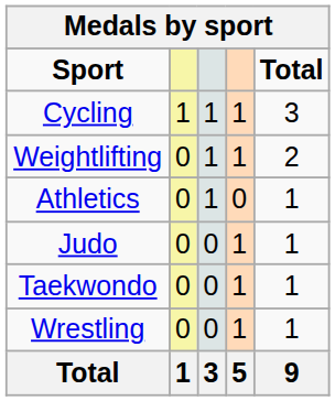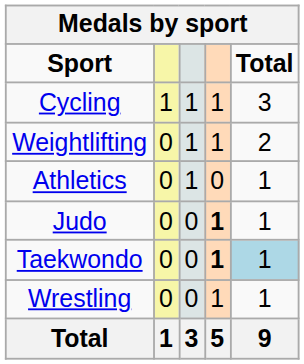 <table class="wikitable" style="font-size:85%; float:right">
 <tr bgcolor=#efefef>
 <th colspan=7>Medals by sport</th>
 </tr>
 <tr align=center>
 <td><strong>Sport</strong></td>
 <td bgcolor=#f7f6a8></td>
 <td bgcolor=#dce5e5></td>
 <td bgcolor=#ffdab9></td>
 <td><strong>Total</strong></td>
 </tr>
 <tr align=center>
 <td><a href='#'>Cycling</a></td>
 <td bgcolor=#f7f6a8>1</td>
 <td bgcolor=#dce5e5>1</td>
 <td bgcolor=#ffdab9>1</td>
 <td>3</td>
 </tr>
 <tr align=center>
 <td><a href='#'>Weightlifting</a></td>
 <td bgcolor=#f7f6a8>0</td>
 <td bgcolor=#dce5e5>1</td>
 <td bgcolor=#ffdab9>1</td>
 <td>2</td>
 </tr>
 <tr align=center>
 <td><a href='#'>Athletics</a></td>
 <td bgcolor=#f7f6a8>0</td>
 <td bgcolor=#dce5e5>1</td>
 <td bgcolor=#ffdab9>0</td>
 <td>1</td>
 </tr>
 <tr align=center>
 <td><a href='#'>Judo</a></td>
 <td bgcolor=#f7f6a8>0</td>
 <td bgcolor=#dce5e5>0</td>
-<td bgcolor=#ffdab9>1</td>
+<td bgcolor=#ffdab9><strong>1</strong></td>
 <td>1</td>
 </tr>
 <tr align=center>
 <td><a href='#'>Taekwondo</a></td>
 <td bgcolor=#f7f6a8>0</td>
 <td bgcolor=#dce5e5>0</td>
-<td bgcolor=#ffdab9>1</td>
-<td>1</td>
+<td bgcolor=#ffdab9><strong>1</strong></td>
+<td style="background: lightblue;">1</td>
 </tr>
 <tr align=center>
 <td><a href='#'>Wrestling</a></td>
 <td bgcolor=#f7f6a8>0</td>
 <td bgcolor=#dce5e5>0</td>
 <td bgcolor=#ffdab9>1</td>
 <td>1</td>
 </tr>
 <tr align=center>
 <th>Total</th>
 <th bgcolor=gold>1</th>
 <th bgcolor=silver>3</th>
 <th bgcolor=#c96>5</th>
 <th>9</th>
 </tr>
 </table>
